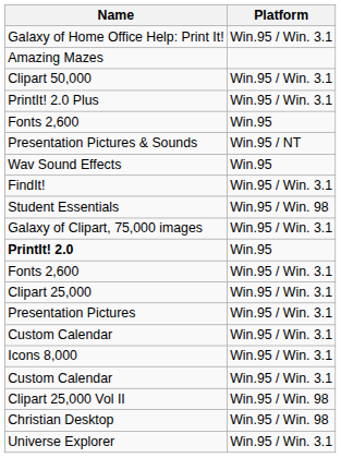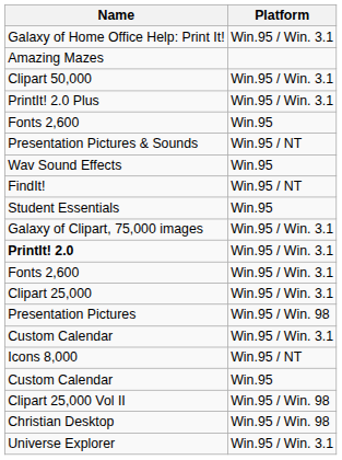 <table class="wikitable">
 <tr>
 <th>Name</th>
 <th>Platform</th>
 </tr>
 <tr>
 <td>Galaxy of Home Office Help: Print It!</td>
 <td>Win.95 / Win. 3.1</td>
 </tr>
 <tr>
 <td>Amazing Mazes</td>
 <td></td>
 </tr>
 <tr>
 <td>Clipart 50,000</td>
 <td>Win.95 / Win. 3.1</td>
 </tr>
 <tr>
 <td>PrintIt! 2.0 Plus</td>
 <td>Win.95 / Win. 3.1</td>
 </tr>
 <tr>
 <td>Fonts 2,600</td>
 <td>Win.95</td>
 </tr>
 <tr>
 <td>Presentation Pictures & Sounds</td>
 <td>Win.95 / NT</td>
 </tr>
 <tr>
 <td>Wav Sound Effects</td>
 <td>Win.95</td>
 </tr>
 <tr>
 <td>FindIt!</td>
-<td>Win.95 / Win. 3.1</td>
+<td>Win.95 / NT</td>
 </tr>
 <tr>
 <td>Student Essentials</td>
-<td>Win.95 / Win. 98</td>
+<td>Win.95</td>
 </tr>
 <tr>
 <td>Galaxy of Clipart, 75,000 images</td>
 <td>Win.95 / Win. 3.1</td>
 </tr>
 <tr>
 <td><strong>PrintIt! 2.0</strong></td>
-<td>Win.95</td>
+<td>Win.95 / Win. 3.1</td>
 </tr>
 <tr>
 <td>Fonts 2,600</td>
 <td>Win.95 / Win. 3.1</td>
 </tr>
 <tr>
 <td>Clipart 25,000</td>
 <td>Win.95 / Win. 3.1</td>
 </tr>
 <tr>
 <td>Presentation Pictures</td>
-<td>Win.95 / Win. 3.1</td>
+<td>Win.95 / Win. 98</td>
 </tr>
 <tr>
 <td>Custom Calendar</td>
 <td>Win.95 / Win. 3.1</td>
 </tr>
 <tr>
 <td>Icons 8,000</td>
-<td>Win.95 / Win. 3.1</td>
+<td>Win.95 / NT</td>
 </tr>
 <tr>
 <td>Custom Calendar</td>
-<td>Win.95 / Win. 3.1</td>
+<td>Win.95</td>
 </tr>
 <tr>
 <td>Clipart 25,000 Vol II</td>
 <td>Win.95 / Win. 98</td>
 </tr>
 <tr>
 <td>Christian Desktop</td>
 <td>Win.95 / Win. 98</td>
 </tr>
 <tr>
 <td>Universe Explorer</td>
 <td>Win.95 / Win. 3.1</td>
 </tr>
 </table>
